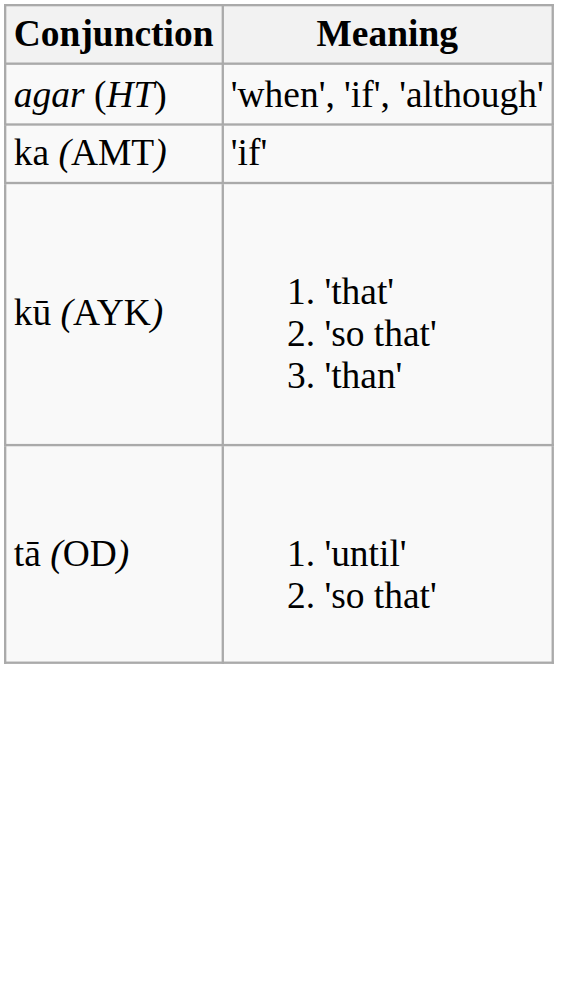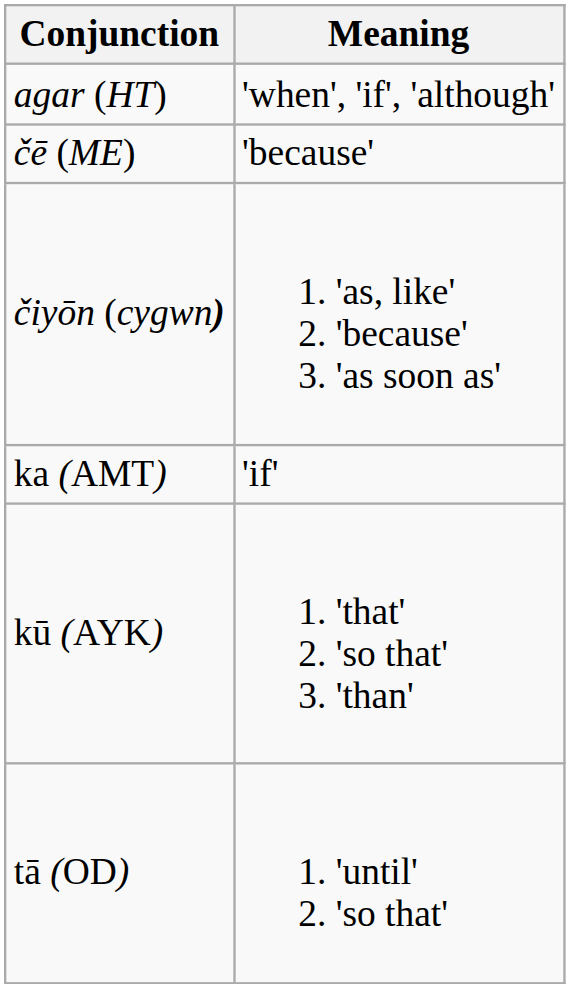 <table class="wikitable">
 <tr>
 <th>Conjunction</th>
 <th>Meaning</th>
 </tr>
 <tr>
 <td><em>agar</em> (<em>HT</em>)</td>
 <td>'when',  'if', 'although'</td>
+</tr>
+<tr>
+<td><em>čē</em> (<em>ME</em>)</td>
+<td>'because'</td>
+</tr>
+<tr>
+<td><em>čiyōn</em> (<em>cygwn<strong>)</td>
+<td><br><ol><li>'as, like'</li><li>'because'</li><li>'as soon as'</li></ol></td>
 </tr>
 <tr>
 <td></em>ka<em> (</em>AMT<em>)</td>
 <td>'if'</td>
 </tr>
 <tr>
 <td></em>kū<em> (</em>AYK<em>)</td>
 <td><br><ol><li>'that'</li><li>'so that'</li><li>'than'</li></ol></td>
 </tr>
 <tr>
 <td></em>tā<em> (</em>OD<em>)</td>
 <td><br><ol><li>'until'</li><li>'so that'</li></ol></td>
 </tr>
 </table>
